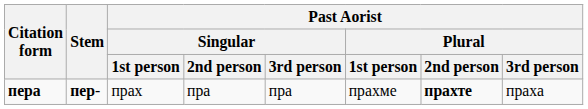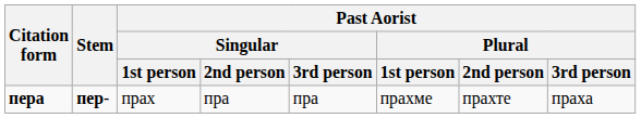 <table class="wikitable">
 <tr>
 <th rowspan="3">Citation<br>form</th>
 <th rowspan="3">Stem</th>
 <th colspan="6">Past Aorist</th>
 </tr>
 <tr>
 <th colspan="3">Singular</th>
 <th colspan="3">Plural</th>
 </tr>
 <tr>
 <th><strong>1st person</strong></th>
 <th><strong>2nd person</strong></th>
 <th><strong>3rd person</strong></th>
 <th><strong>1st person</strong></th>
 <th><strong>2nd person</strong></th>
 <th><strong>3rd person</strong></th>
 </tr>
 <tr>
 <td><strong>пера</strong> <br></td>
 <td><strong>п<span>е</span>р</strong>- <br></td>
 <td>пр<span>а</span><span>х</span> <br></td>
 <td>пр<span>а</span> <br></td>
 <td>пр<span>а</span> <br></td>
 <td>пр<span>а</span><span>хме</span> <br></td>
-<td><strong>пр<span>а</span><span>хте</span> <br></strong></td>
+<td>пр<span>а</span><span>хте</span> <br></td>
 <td>пр<span>а</span><span>ха</span> <br></td>
 </tr>
 </table>
